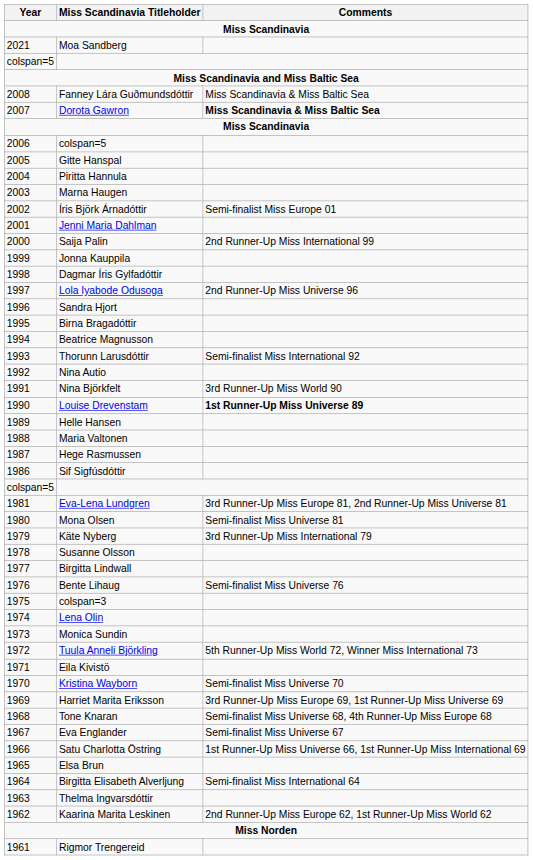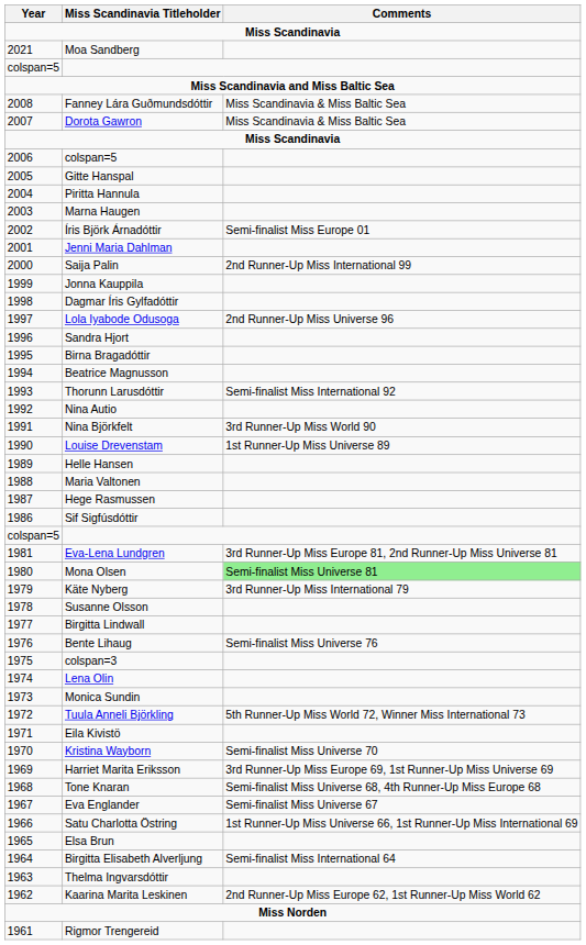 <table class="wikitable" style="font-size:95%;">
 <tr>
 <th>Year</th>
 <th>Miss Scandinavia Titleholder</th>
 <th>Comments</th>
 </tr>
 <tr>
 <td colspan=4 align=center><strong>Miss Scandinavia</strong></td>
 </tr>
 <tr>
 <td>2021</td>
 <td>Moa Sandberg<br> </td>
 <td></td>
 </tr>
 <tr>
 <td>colspan=5 </td>
 </tr>
 <tr>
 <td colspan=5 align=center><strong>Miss Scandinavia and Miss Baltic Sea</strong></td>
 </tr>
 <tr>
 <td>2008</td>
 <td>Fanney Lára Guðmundsdóttir<br></td>
 <td>Miss Scandinavia & Miss Baltic Sea</td>
 </tr>
 <tr>
 <td>2007</td>
 <td><a href='#'>Dorota Gawron</a><br></td>
-<td><strong>Miss Scandinavia & Miss Baltic Sea</strong></td>
+<td>Miss Scandinavia & Miss Baltic Sea</td>
 </tr>
 <tr>
 <td colspan=5 align=center><strong>Miss Scandinavia</strong></td>
 </tr>
 <tr>
 <td>2006</td>
 <td>colspan=5 </td>
 </tr>
 <tr>
 <td>2005</td>
 <td>Gitte Hanspal<br></td>
 <td></td>
 </tr>
 <tr>
 <td>2004</td>
 <td>Piritta Hannula<br></td>
 <td></td>
 </tr>
 <tr>
 <td>2003</td>
 <td>Marna Haugen<br></td>
 <td></td>
 </tr>
 <tr>
 <td>2002</td>
 <td>Íris Björk Árnadóttir<br></td>
 <td>Semi-finalist Miss Europe 01</td>
 </tr>
 <tr>
 <td>2001</td>
 <td><a href='#'>Jenni Maria Dahlman</a><br></td>
 <td></td>
 </tr>
 <tr>
 <td>2000</td>
 <td>Saija Palin<br></td>
 <td>2nd Runner-Up Miss International 99</td>
 </tr>
 <tr>
 <td>1999</td>
 <td>Jonna Kauppila<br></td>
 <td></td>
 </tr>
 <tr>
 <td>1998</td>
 <td>Dagmar Íris Gylfadóttir<br></td>
 <td></td>
 </tr>
 <tr>
 <td>1997</td>
 <td><a href='#'>Lola Iyabode Odusoga</a><br></td>
 <td>2nd Runner-Up Miss Universe 96</td>
 </tr>
 <tr>
 <td>1996</td>
 <td>Sandra Hjort<br></td>
 <td></td>
 </tr>
 <tr>
 <td>1995</td>
 <td>Birna Bragadóttir<br></td>
 <td></td>
 </tr>
 <tr>
 <td>1994</td>
 <td>Beatrice Magnusson<br></td>
 <td></td>
 </tr>
 <tr>
 <td>1993</td>
 <td>Thorunn Larusdóttir<br></td>
 <td>Semi-finalist Miss International 92</td>
 </tr>
 <tr>
 <td>1992</td>
 <td>Nina Autio<br></td>
 <td></td>
 </tr>
 <tr>
 <td>1991</td>
 <td>Nina Björkfelt<br></td>
 <td>3rd Runner-Up Miss World 90</td>
 </tr>
 <tr>
 <td>1990</td>
 <td><a href='#'>Louise Drevenstam</a><br></td>
-<td><strong>1st Runner-Up Miss Universe 89</strong></td>
+<td>1st Runner-Up Miss Universe 89</td>
 </tr>
 <tr>
 <td>1989</td>
 <td>Helle Hansen<br></td>
 <td></td>
 </tr>
 <tr>
 <td>1988</td>
 <td>Maria Valtonen<br></td>
 <td></td>
 </tr>
 <tr>
 <td>1987</td>
 <td>Hege Rasmussen<br></td>
 <td></td>
 </tr>
 <tr>
 <td>1986</td>
 <td>Sif Sigfúsdóttir<br></td>
 <td></td>
 </tr>
 <tr>
 <td>colspan=5 </td>
 </tr>
 <tr>
 <td>1981</td>
 <td><a href='#'>Eva-Lena Lundgren</a><br></td>
 <td>3rd Runner-Up Miss Europe 81, 2nd Runner-Up Miss Universe 81</td>
 </tr>
 <tr>
 <td>1980</td>
 <td>Mona Olsen<br></td>
-<td>Semi-finalist Miss Universe 81</td>
+<td style="background: lightgreen;">Semi-finalist Miss Universe 81</td>
 </tr>
 <tr>
 <td>1979</td>
 <td>Käte Nyberg<br></td>
 <td>3rd Runner-Up Miss International 79</td>
 </tr>
 <tr>
 <td>1978</td>
 <td>Susanne Olsson<br></td>
 <td></td>
 </tr>
 <tr>
 <td>1977</td>
 <td>Birgitta Lindwall<br></td>
 <td></td>
 </tr>
 <tr>
 <td>1976</td>
 <td>Bente Lihaug<br></td>
 <td>Semi-finalist Miss Universe 76</td>
 </tr>
 <tr>
 <td>1975</td>
 <td>colspan=3 </td>
 </tr>
 <tr>
 <td>1974</td>
 <td><a href='#'>Lena Olin</a><br></td>
 <td></td>
 </tr>
 <tr>
 <td>1973</td>
 <td>Monica Sundin<br></td>
 <td></td>
 </tr>
 <tr>
 <td>1972</td>
 <td><a href='#'>Tuula Anneli Björkling</a><br></td>
 <td>5th Runner-Up Miss World 72, Winner Miss International 73</td>
 </tr>
 <tr>
 <td>1971</td>
 <td>Eila Kivistö<br></td>
 <td></td>
 </tr>
 <tr>
 <td>1970</td>
 <td><a href='#'>Kristina Wayborn</a><br></td>
 <td>Semi-finalist Miss Universe 70</td>
 </tr>
 <tr>
 <td>1969</td>
 <td>Harriet Marita Eriksson<br></td>
 <td>3rd Runner-Up Miss Europe 69, 1st Runner-Up Miss Universe 69</td>
 </tr>
 <tr>
 <td>1968</td>
 <td>Tone Knaran<br></td>
 <td>Semi-finalist Miss Universe 68, 4th Runner-Up Miss Europe 68</td>
 </tr>
 <tr>
 <td>1967</td>
 <td>Eva Englander<br></td>
 <td>Semi-finalist Miss Universe 67</td>
 </tr>
 <tr>
 <td>1966</td>
 <td>Satu Charlotta Östring<br></td>
 <td>1st Runner-Up Miss Universe 66, 1st Runner-Up Miss International 69</td>
 </tr>
 <tr>
 <td>1965</td>
 <td>Elsa Brun<br></td>
 <td></td>
 </tr>
 <tr>
 <td>1964</td>
 <td>Birgitta Elisabeth Alverljung<br></td>
 <td>Semi-finalist Miss International 64</td>
 </tr>
 <tr>
 <td>1963</td>
 <td>Thelma Ingvarsdóttir<br></td>
 <td></td>
 </tr>
 <tr>
 <td>1962</td>
 <td>Kaarina Marita Leskinen<br></td>
 <td>2nd Runner-Up Miss Europe 62, 1st Runner-Up Miss World 62</td>
 </tr>
 <tr>
 <td colspan=5 align=center><strong>Miss Norden</strong></td>
 </tr>
 <tr>
 <td>1961</td>
 <td>Rigmor Trengereid<br></td>
 <td></td>
 </tr>
 </table>
